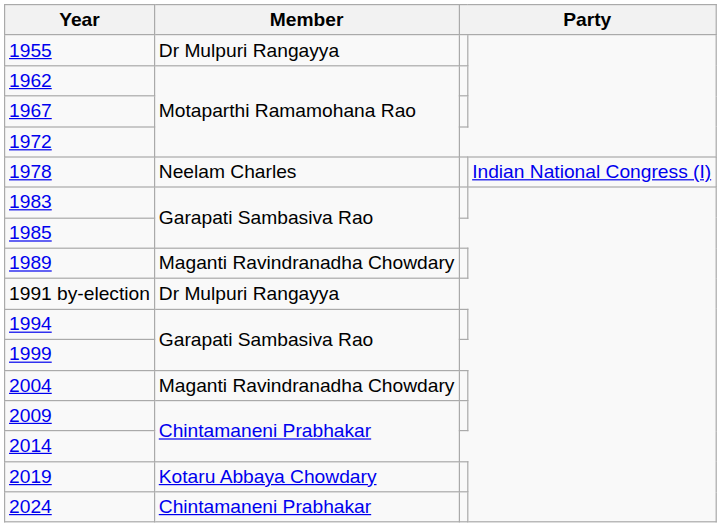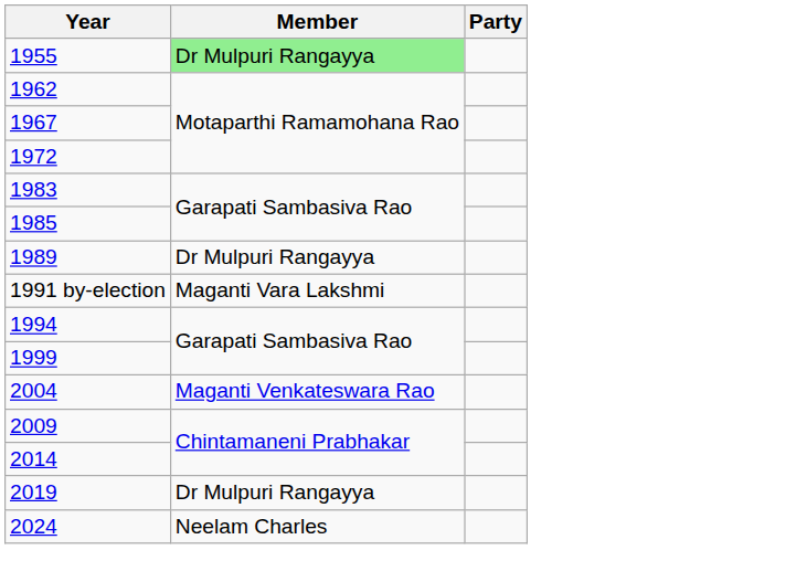 <table class="wikitable sortable">
 <tr>
 <th>Year</th>
 <th>Member</th>
 <th colspan=2>Party</th>
 </tr>
 <tr>
 <td><a href='#'>1955</a></td>
-<td>Dr Mulpuri Rangayya</td>
+<td style="background: lightgreen;">Dr Mulpuri Rangayya</td>
 <td></td>
 </tr>
 <tr>
 <td><a href='#'>1962</a></td>
 <td rowspan=3>Motaparthi Ramamohana Rao</td>
 <td></td>
 </tr>
 <tr>
 <td><a href='#'>1967</a></td>
 <td></td>
 </tr>
 <tr>
 <td><a href='#'>1972</a></td>
 </tr>
 <tr>
-<td><a href='#'>1978</a></td>
-<td>Neelam Charles</td>
-<td style="background-color: "></td>
-<td><a href='#'>Indian National Congress (I)</a></td>
-</tr>
-<tr>
 <td><a href='#'>1983</a></td>
 <td rowspan=2>Garapati Sambasiva Rao</td>
 <td></td>
 </tr>
 <tr>
 <td><a href='#'>1985</a></td>
 </tr>
 <tr>
 <td><a href='#'>1989</a></td>
-<td>Maganti Ravindranadha Chowdary</td>
+<td>Dr Mulpuri Rangayya</td>
 <td></td>
 </tr>
 <tr>
 <td>1991 by-election</td>
-<td>Dr Mulpuri Rangayya</td>
+<td>Maganti Vara Lakshmi</td>
 </tr>
 <tr>
 <td><a href='#'>1994</a></td>
 <td rowspan=2>Garapati Sambasiva Rao</td>
 <td></td>
 </tr>
 <tr>
 <td><a href='#'>1999</a></td>
 </tr>
 <tr>
 <td><a href='#'>2004</a></td>
-<td>Maganti Ravindranadha Chowdary</td>
+<td><a href='#'>Maganti Venkateswara Rao</a></td>
 <td></td>
 </tr>
 <tr>
 <td><a href='#'>2009</a></td>
 <td rowspan=2><a href='#'>Chintamaneni Prabhakar</a></td>
 <td></td>
 </tr>
 <tr>
 <td><a href='#'>2014</a></td>
 </tr>
 <tr>
 <td><a href='#'>2019</a></td>
-<td><a href='#'>Kotaru Abbaya Chowdary</a></td>
+<td>Dr Mulpuri Rangayya</td>
 <td></td>
 </tr>
 <tr>
 <td><a href='#'>2024</a></td>
-<td><a href='#'>Chintamaneni Prabhakar</a></td>
+<td>Neelam Charles</td>
 <td></td>
 </tr>
 </table>
